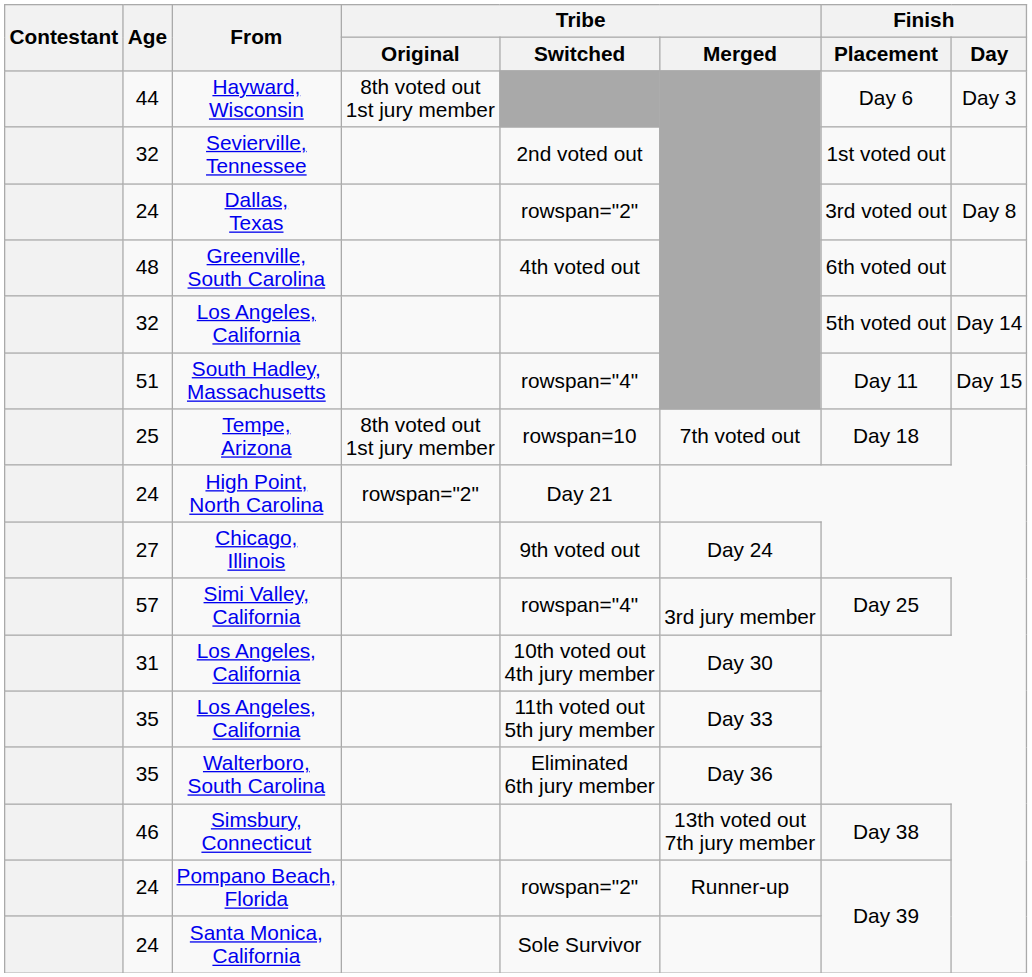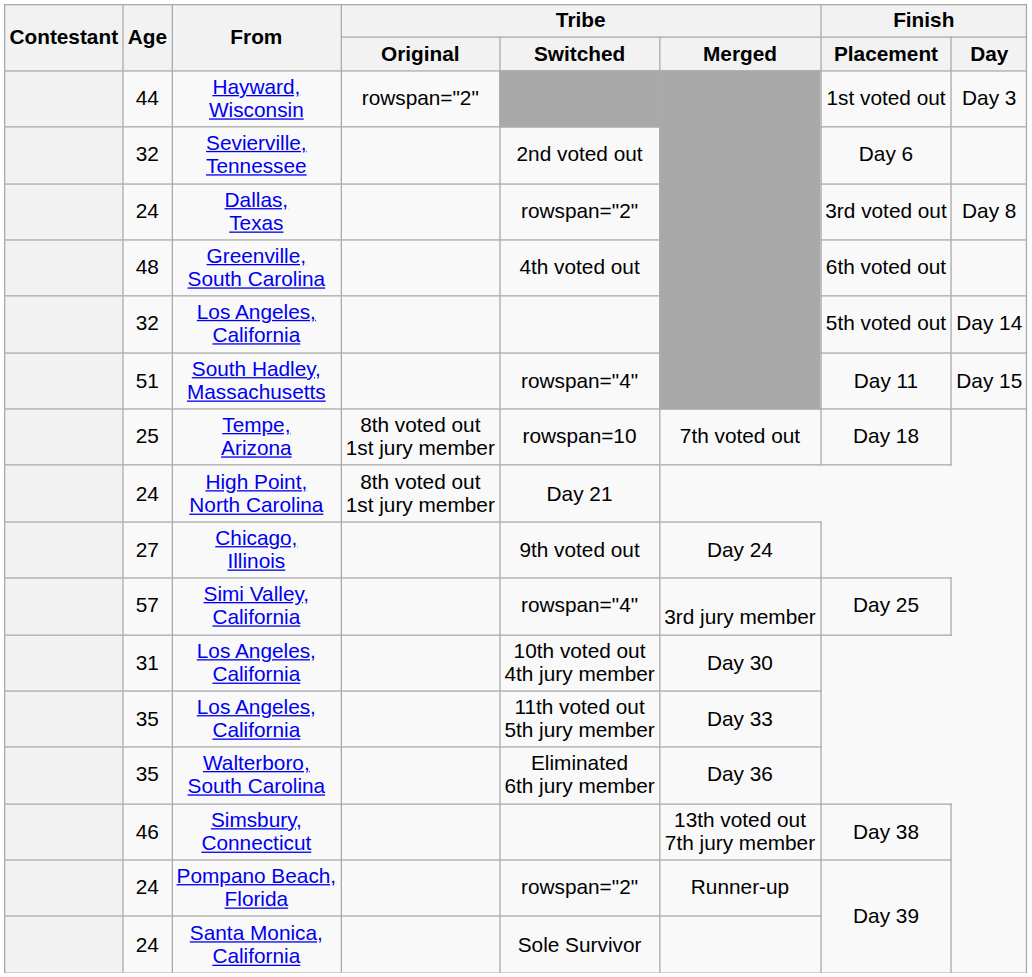 <table class="wikitable sortable" style="text-align:center">
 <tr>
 <th rowspan="2" scope="col">Contestant</th>
 <th rowspan="2" scope="col">Age</th>
 <th rowspan="2" scope="col" class=unsortable>From</th>
 <th colspan="3" scope="colgroup">Tribe</th>
 <th colspan="2" scope="colgroup">Finish</th>
 </tr>
 <tr>
 <th scope="col">Original</th>
 <th scope="col">Switched</th>
 <th scope="col" class=unsortable>Merged</th>
 <th scope="col" class=unsortable>Placement</th>
 <th scope="col" class=unsortable>Day</th>
 </tr>
 <tr>
 <th scope="row" style=text-align:left></th>
 <td>44</td>
 <td><a href='#'>Hayward,<br>Wisconsin</a></td>
-<td>8th voted out<br>1st jury member</td>
+<td>rowspan="2" </td>
 <td bgcolor="darkgray"></td>
 <td rowspan=6 bgcolor="darkgray"></td>
-<td>Day 6</td>
+<td>1st voted out</td>
 <td>Day 3</td>
 </tr>
 <tr>
 <th scope="row" style=text-align:left></th>
 <td>32</td>
 <td><a href='#'>Sevierville,<br>Tennessee</a></td>
 <td></td>
 <td>2nd voted out</td>
-<td>1st voted out</td>
+<td>Day 6</td>
 </tr>
 <tr>
 <th scope="row" style=text-align:left></th>
 <td>24</td>
 <td><a href='#'>Dallas,<br>Texas</a></td>
 <td></td>
 <td>rowspan="2" </td>
 <td>3rd voted out</td>
 <td>Day 8</td>
 </tr>
 <tr>
 <th scope="row" style=text-align:left></th>
 <td>48</td>
 <td><a href='#'>Greenville,<br>South Carolina</a></td>
 <td></td>
 <td>4th voted out</td>
 <td>6th voted out</td>
 </tr>
 <tr>
 <th scope="row" style=text-align:left></th>
 <td>32</td>
 <td><a href='#'>Los Angeles,<br>California</a></td>
 <td></td>
 <td></td>
 <td>5th voted out</td>
 <td>Day 14</td>
 </tr>
 <tr>
 <th scope="row" style=text-align:left></th>
 <td>51</td>
 <td><a href='#'>South Hadley,<br>Massachusetts</a></td>
 <td></td>
 <td>rowspan="4" </td>
 <td>Day 11</td>
 <td>Day 15</td>
 </tr>
 <tr>
 <th scope="row" style=text-align:left></th>
 <td>25</td>
 <td><a href='#'>Tempe,<br>Arizona</a></td>
 <td>8th voted out<br>1st jury member</td>
 <td>rowspan=10 </td>
 <td>7th voted out</td>
 <td>Day 18</td>
 </tr>
 <tr>
 <th scope="row" style=text-align:left></th>
 <td>24</td>
 <td><a href='#'>High Point,<br>North Carolina</a></td>
-<td>rowspan="2" </td>
+<td>8th voted out<br>1st jury member</td>
 <td>Day 21</td>
 </tr>
 <tr>
 <th scope="row" style=text-align:left></th>
 <td>27</td>
 <td><a href='#'>Chicago,<br>Illinois</a></td>
 <td></td>
 <td>9th voted out<br></td>
 <td>Day 24</td>
 </tr>
 <tr>
 <th scope="row" style=text-align:left></th>
 <td>57</td>
 <td><a href='#'>Simi Valley,<br>California</a></td>
 <td></td>
 <td>rowspan="4" </td>
 <td><br>3rd jury member</td>
 <td>Day 25</td>
 </tr>
 <tr>
 <th scope="row" style=text-align:left></th>
 <td>31</td>
 <td><a href='#'>Los Angeles,<br>California</a></td>
 <td></td>
 <td>10th voted out<br>4th jury member</td>
 <td>Day 30</td>
 </tr>
 <tr>
 <th scope="row" style=text-align:left></th>
 <td>35</td>
 <td><a href='#'>Los Angeles,<br>California</a></td>
 <td></td>
 <td>11th voted out<br>5th jury member</td>
 <td>Day 33</td>
 </tr>
 <tr>
 <th scope="row" style=text-align:left></th>
 <td>35</td>
 <td><a href='#'>Walterboro,<br>South Carolina</a></td>
 <td></td>
 <td>Eliminated<br>6th jury member</td>
 <td>Day 36</td>
 </tr>
 <tr>
 <th scope="row" style=text-align:left></th>
 <td>46</td>
 <td><a href='#'>Simsbury,<br>Connecticut</a></td>
 <td></td>
 <td></td>
 <td>13th voted out<br>7th jury member</td>
 <td>Day 38</td>
 </tr>
 <tr>
 <th scope="row" style=text-align:left></th>
 <td>24</td>
 <td><a href='#'>Pompano Beach,<br>Florida</a></td>
 <td></td>
 <td>rowspan="2" </td>
 <td>Runner-up</td>
 <td rowspan="2">Day 39</td>
 </tr>
 <tr>
 <th scope="row" style=text-align:left></th>
 <td>24</td>
 <td><a href='#'>Santa Monica,<br>California</a></td>
 <td></td>
 <td>Sole Survivor</td>
 </tr>
 </table>
